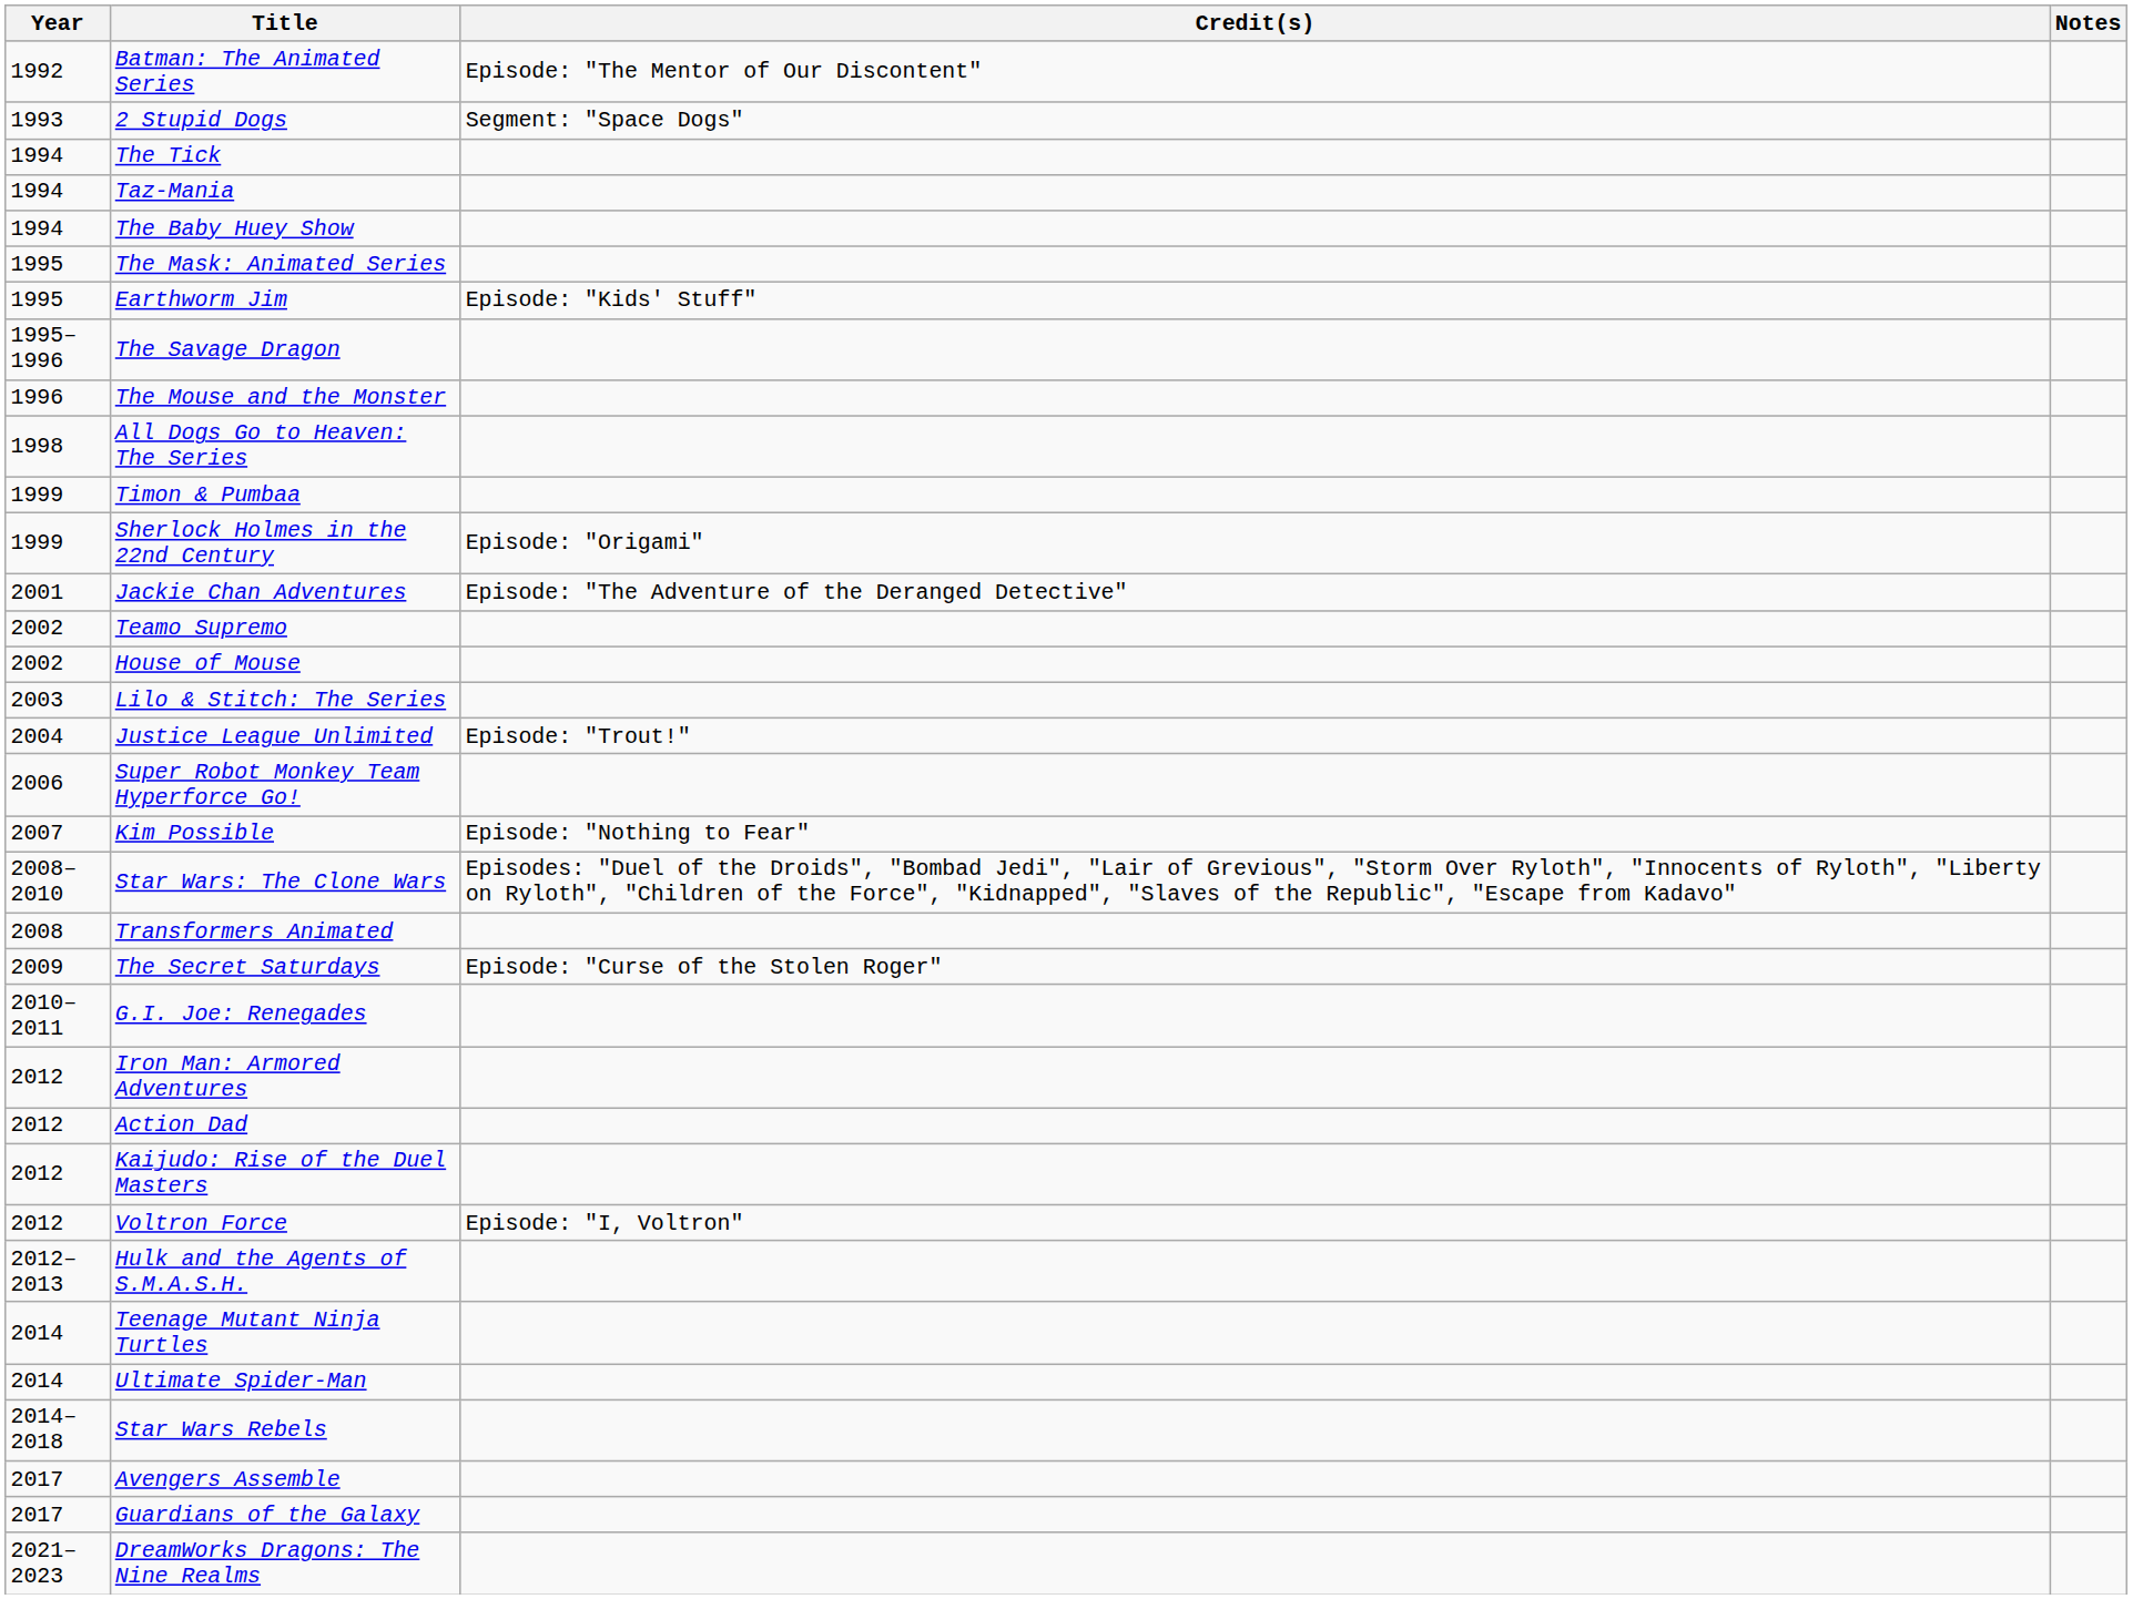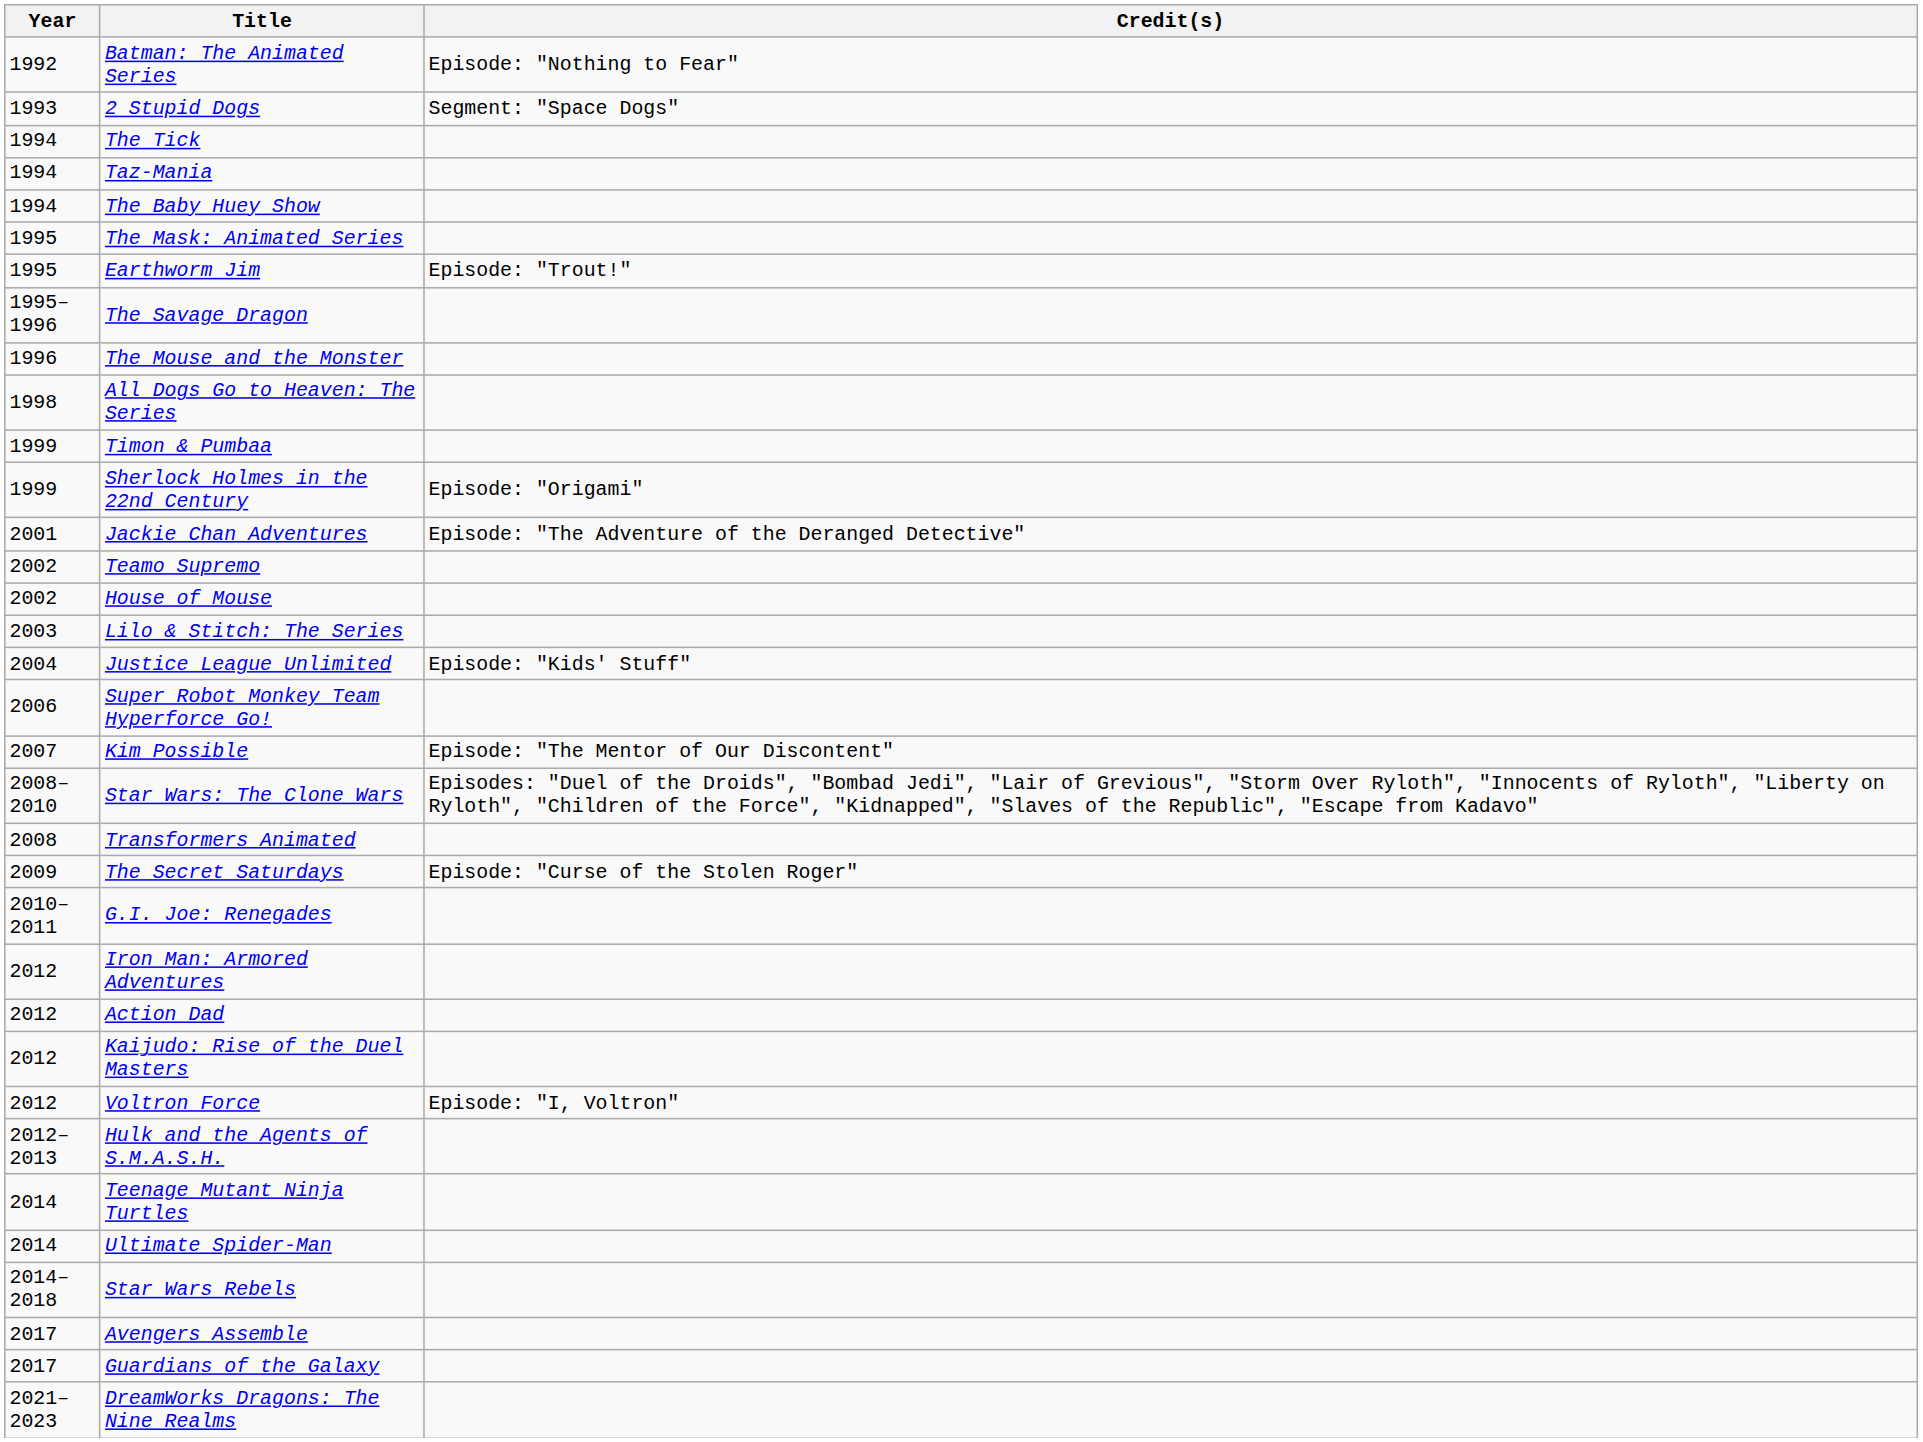 <table class = "wikitable sortable">
 <tr>
 <th>Year</th>
 <th>Title</th>
 <th>Credit(s)</th>
-<th scope="col" class="unsortable">Notes</th>
 </tr>
 <tr>
 <td>1992</td>
 <td><em><a href='#'>Batman: The Animated Series</a></em></td>
-<td>Episode: "The Mentor of Our Discontent"</td>
-<td></td>
+<td>Episode: "Nothing to Fear"</td>
 </tr>
 <tr>
 <td>1993</td>
 <td><em><a href='#'>2 Stupid Dogs</a></em></td>
 <td>Segment: "Space Dogs"</td>
-<td></td>
 </tr>
 <tr>
 <td>1994</td>
 <td><em><a href='#'>The Tick</a></em></td>
-<td></td>
 <td></td>
 </tr>
 <tr>
 <td>1994</td>
 <td><em><a href='#'>Taz-Mania</a></em></td>
 <td></td>
-<td></td>
 </tr>
 <tr>
 <td>1994</td>
 <td><em><a href='#'>The Baby Huey Show</a></em></td>
-<td></td>
 <td></td>
 </tr>
 <tr>
 <td>1995</td>
 <td><em><a href='#'>The Mask: Animated Series</a></em></td>
 <td></td>
-<td></td>
 </tr>
 <tr>
 <td>1995</td>
 <td><em><a href='#'>Earthworm Jim</a></em></td>
-<td>Episode: "Kids' Stuff"</td>
-<td></td>
+<td>Episode: "Trout!"</td>
 </tr>
 <tr>
 <td>1995–1996</td>
 <td><em><a href='#'>The Savage Dragon</a></em></td>
-<td></td>
 <td></td>
 </tr>
 <tr>
 <td>1996</td>
 <td><em><a href='#'>The Mouse and the Monster</a></em></td>
 <td></td>
-<td></td>
 </tr>
 <tr>
 <td>1998</td>
 <td><em><a href='#'>All Dogs Go to Heaven: The Series</a></em></td>
-<td></td>
 <td></td>
 </tr>
 <tr>
 <td>1999</td>
 <td><em><a href='#'>Timon & Pumbaa</a></em></td>
 <td></td>
-<td></td>
 </tr>
 <tr>
 <td>1999</td>
 <td><em><a href='#'>Sherlock Holmes in the 22nd Century</a></em></td>
 <td>Episode: "Origami"</td>
-<td></td>
 </tr>
 <tr>
 <td>2001</td>
 <td><em><a href='#'>Jackie Chan Adventures</a></em></td>
 <td>Episode: "The Adventure of the Deranged Detective"</td>
-<td></td>
 </tr>
 <tr>
 <td>2002</td>
 <td><em><a href='#'>Teamo Supremo</a></em></td>
-<td></td>
 <td></td>
 </tr>
 <tr>
 <td>2002</td>
 <td><em><a href='#'>House of Mouse</a></em></td>
 <td></td>
-<td></td>
 </tr>
 <tr>
 <td>2003</td>
 <td><em><a href='#'>Lilo & Stitch: The Series</a></em></td>
 <td></td>
-<td></td>
 </tr>
 <tr>
 <td>2004</td>
 <td><em><a href='#'>Justice League Unlimited</a></em></td>
-<td>Episode: "Trout!"</td>
-<td></td>
+<td>Episode: "Kids' Stuff"</td>
 </tr>
 <tr>
 <td>2006</td>
 <td><em><a href='#'>Super Robot Monkey Team Hyperforce Go!</a></em></td>
 <td></td>
-<td></td>
 </tr>
 <tr>
 <td>2007</td>
 <td><em><a href='#'>Kim Possible</a></em></td>
-<td>Episode: "Nothing to Fear"</td>
-<td></td>
+<td>Episode: "The Mentor of Our Discontent"</td>
 </tr>
 <tr>
 <td>2008–2010</td>
 <td><em><a href='#'>Star Wars: The Clone Wars</a></em></td>
 <td>Episodes: 	"Duel of the Droids", "Bombad Jedi", "Lair of Grevious", "Storm Over Ryloth", "Innocents of Ryloth", "Liberty on Ryloth", "Children of the Force", "Kidnapped", "Slaves of the Republic", "Escape from Kadavo"</td>
-<td></td>
 </tr>
 <tr>
 <td>2008</td>
 <td><em><a href='#'>Transformers Animated</a></em></td>
-<td></td>
 <td></td>
 </tr>
 <tr>
 <td>2009</td>
 <td><em><a href='#'>The Secret Saturdays</a></em></td>
 <td>Episode: "Curse of the Stolen Roger"</td>
-<td></td>
 </tr>
 <tr>
 <td>2010–2011</td>
 <td><em><a href='#'>G.I. Joe: Renegades</a></em></td>
-<td></td>
 <td></td>
 </tr>
 <tr>
 <td>2012</td>
 <td><em><a href='#'>Iron Man: Armored Adventures</a></em></td>
 <td></td>
-<td></td>
 </tr>
 <tr>
 <td>2012</td>
 <td><em><a href='#'>Action Dad</a></em></td>
-<td></td>
 <td></td>
 </tr>
 <tr>
 <td>2012</td>
 <td><em><a href='#'>Kaijudo: Rise of the Duel Masters</a></em></td>
 <td></td>
-<td></td>
 </tr>
 <tr>
 <td>2012</td>
 <td><em><a href='#'>Voltron Force</a></em></td>
 <td>Episode: "I, Voltron"</td>
-<td></td>
 </tr>
 <tr>
 <td>2012–2013</td>
 <td><em><a href='#'>Hulk and the Agents of S.M.A.S.H.</a></em></td>
-<td></td>
 <td></td>
 </tr>
 <tr>
 <td>2014</td>
 <td><em><a href='#'>Teenage Mutant Ninja Turtles</a></em></td>
 <td></td>
-<td></td>
 </tr>
 <tr>
 <td>2014</td>
 <td><em><a href='#'>Ultimate Spider-Man</a></em></td>
-<td></td>
 <td></td>
 </tr>
 <tr>
 <td>2014–2018</td>
 <td><em><a href='#'>Star Wars Rebels</a></em></td>
 <td></td>
-<td></td>
 </tr>
 <tr>
 <td>2017</td>
 <td><em><a href='#'>Avengers Assemble</a></em></td>
-<td></td>
 <td></td>
 </tr>
 <tr>
 <td>2017</td>
 <td><em><a href='#'>Guardians of the Galaxy</a></em></td>
 <td></td>
-<td></td>
 </tr>
 <tr>
 <td>2021–2023</td>
 <td><em><a href='#'>DreamWorks Dragons: The Nine Realms</a></em></td>
 <td></td>
-<td></td>
 </tr>
 </table>
